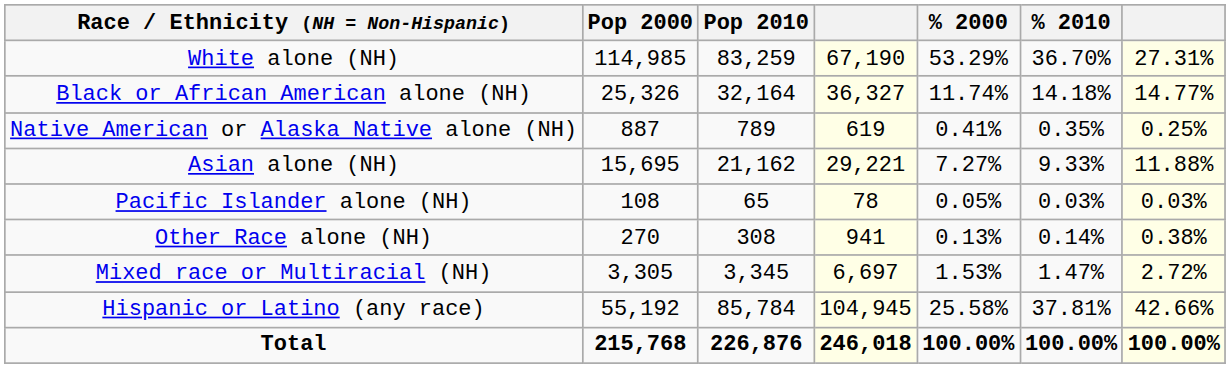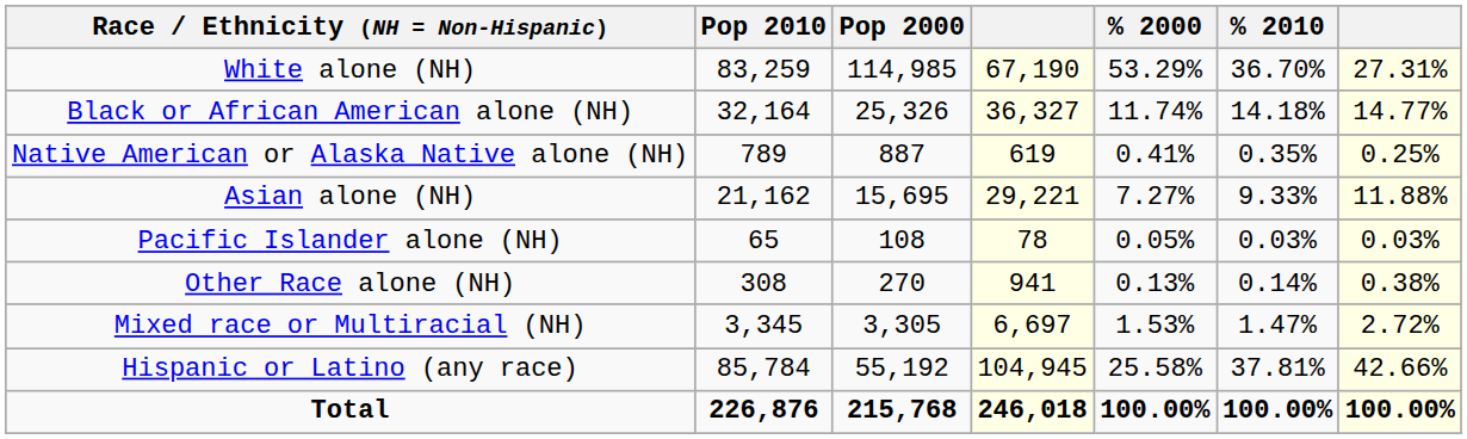 <table class="wikitable" style="text-align:center;">
 <tr>
 <th>Race / Ethnicity <small>(<em>NH = Non-Hispanic</em>)</small></th>
+<th>Pop 2010</th>
 <th>Pop 2000</th>
-<th>Pop 2010</th>
 <th></th>
 <th>% 2000</th>
 <th>% 2010</th>
 <th></th>
 </tr>
 <tr>
 <td><a href='#'>White</a> alone (NH)</td>
+<td>83,259</td>
 <td>114,985</td>
-<td>83,259</td>
 <td style='background: #ffffe6;'>67,190</td>
 <td>53.29%</td>
 <td>36.70%</td>
 <td style='background: #ffffe6;'>27.31%</td>
 </tr>
 <tr>
 <td><a href='#'>Black or African American</a> alone (NH)</td>
+<td>32,164</td>
 <td>25,326</td>
-<td>32,164</td>
 <td style='background: #ffffe6;'>36,327</td>
 <td>11.74%</td>
 <td>14.18%</td>
 <td style='background: #ffffe6;'>14.77%</td>
 </tr>
 <tr>
 <td><a href='#'>Native American</a> or <a href='#'>Alaska Native</a> alone (NH)</td>
+<td>789</td>
 <td>887</td>
-<td>789</td>
 <td style='background: #ffffe6;'>619</td>
 <td>0.41%</td>
 <td>0.35%</td>
 <td style='background: #ffffe6;'>0.25%</td>
 </tr>
 <tr>
 <td><a href='#'>Asian</a> alone (NH)</td>
+<td>21,162</td>
 <td>15,695</td>
-<td>21,162</td>
 <td style='background: #ffffe6;'>29,221</td>
 <td>7.27%</td>
 <td>9.33%</td>
 <td style='background: #ffffe6;'>11.88%</td>
 </tr>
 <tr>
 <td><a href='#'>Pacific Islander</a> alone (NH)</td>
+<td>65</td>
 <td>108</td>
-<td>65</td>
 <td style='background: #ffffe6;'>78</td>
 <td>0.05%</td>
 <td>0.03%</td>
 <td style='background: #ffffe6;'>0.03%</td>
 </tr>
 <tr>
 <td><a href='#'>Other Race</a> alone (NH)</td>
+<td>308</td>
 <td>270</td>
-<td>308</td>
 <td style='background: #ffffe6;'>941</td>
 <td>0.13%</td>
 <td>0.14%</td>
 <td style='background: #ffffe6;'>0.38%</td>
 </tr>
 <tr>
 <td><a href='#'>Mixed race or Multiracial</a> (NH)</td>
+<td>3,345</td>
 <td>3,305</td>
-<td>3,345</td>
 <td style='background: #ffffe6;'>6,697</td>
 <td>1.53%</td>
 <td>1.47%</td>
 <td style='background: #ffffe6;'>2.72%</td>
 </tr>
 <tr>
 <td><a href='#'>Hispanic or Latino</a> (any race)</td>
+<td>85,784</td>
 <td>55,192</td>
-<td>85,784</td>
 <td style='background: #ffffe6;'>104,945</td>
 <td>25.58%</td>
 <td>37.81%</td>
 <td style='background: #ffffe6;'>42.66%</td>
 </tr>
 <tr>
 <td><strong>Total</strong></td>
+<td><strong>226,876</strong></td>
 <td><strong>215,768</strong></td>
-<td><strong>226,876</strong></td>
 <td style='background: #ffffe6;'><strong>246,018</strong></td>
 <td><strong>100.00%</strong></td>
 <td><strong>100.00%</strong></td>
 <td style='background: #ffffe6;'><strong>100.00%</strong></td>
 </tr>
 </table>
